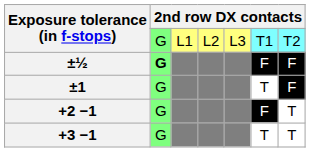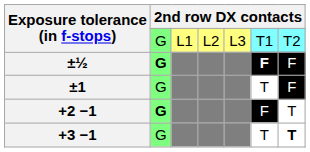 <table class="wikitable" style="text-align:center;font-size:90%;">
 <tr>
 <th rowspan=2>Exposure tolerance<br>(in <a href='#'>f-stops</a>)</th>
 <th colspan=6>2nd row DX contacts</th>
 </tr>
 <tr>
 <td style="background-color:#7fff7f;">G</td>
 <td style="background-color:#ffff7f;">L1</td>
 <td style="background-color:#ffff7f;">L2</td>
 <td style="background-color:#ffff7f;">L3</td>
 <td style="background-color:#7fffff;">T1</td>
 <td style="background-color:#7fffff;">T2</td>
 </tr>
 <tr>
 <th>±½</th>
 <td style="background-color:#7fff7f;"><strong>G</strong></td>
 <td style="background-color:#7f7f7f;">  </td>
 <td style="background-color:#7f7f7f;">  </td>
 <td style="background-color:#7f7f7f;">  </td>
-<td style="background-color:#000000; color:#ffffff;">F</td>
+<td style="background-color:#000000; color:#ffffff;"><strong>F</strong></td>
 <td style="background-color:#000000; color:#ffffff;">F</td>
 </tr>
 <tr>
 <th>±1</th>
 <td style="background-color:#7fff7f;">G</td>
 <td style="background-color:#7f7f7f;">  </td>
 <td style="background-color:#7f7f7f;">  </td>
 <td style="background-color:#7f7f7f;">  </td>
 <td style="background-color:#ffffff; color:#000000;">T</td>
 <td style="background-color:#000000; color:#ffffff;">F</td>
 </tr>
 <tr>
 <th>+2 −1</th>
-<td style="background-color:#7fff7f;">G</td>
+<td style="background-color:#7fff7f;"><strong>G</strong></td>
 <td style="background-color:#7f7f7f;">  </td>
 <td style="background-color:#7f7f7f;">  </td>
 <td style="background-color:#7f7f7f;">  </td>
 <td style="background-color:#000000; color:#ffffff;">F</td>
 <td style="background-color:#ffffff; color:#000000;">T</td>
 </tr>
 <tr>
 <th>+3 −1</th>
 <td style="background-color:#7fff7f;">G</td>
 <td style="background-color:#7f7f7f;">  </td>
 <td style="background-color:#7f7f7f;">  </td>
 <td style="background-color:#7f7f7f;">  </td>
 <td style="background-color:#ffffff; color:#000000;">T</td>
-<td style="background-color:#ffffff; color:#000000;">T</td>
+<td style="background-color:#ffffff; color:#000000;"><strong>T</strong></td>
 </tr>
 </table>
